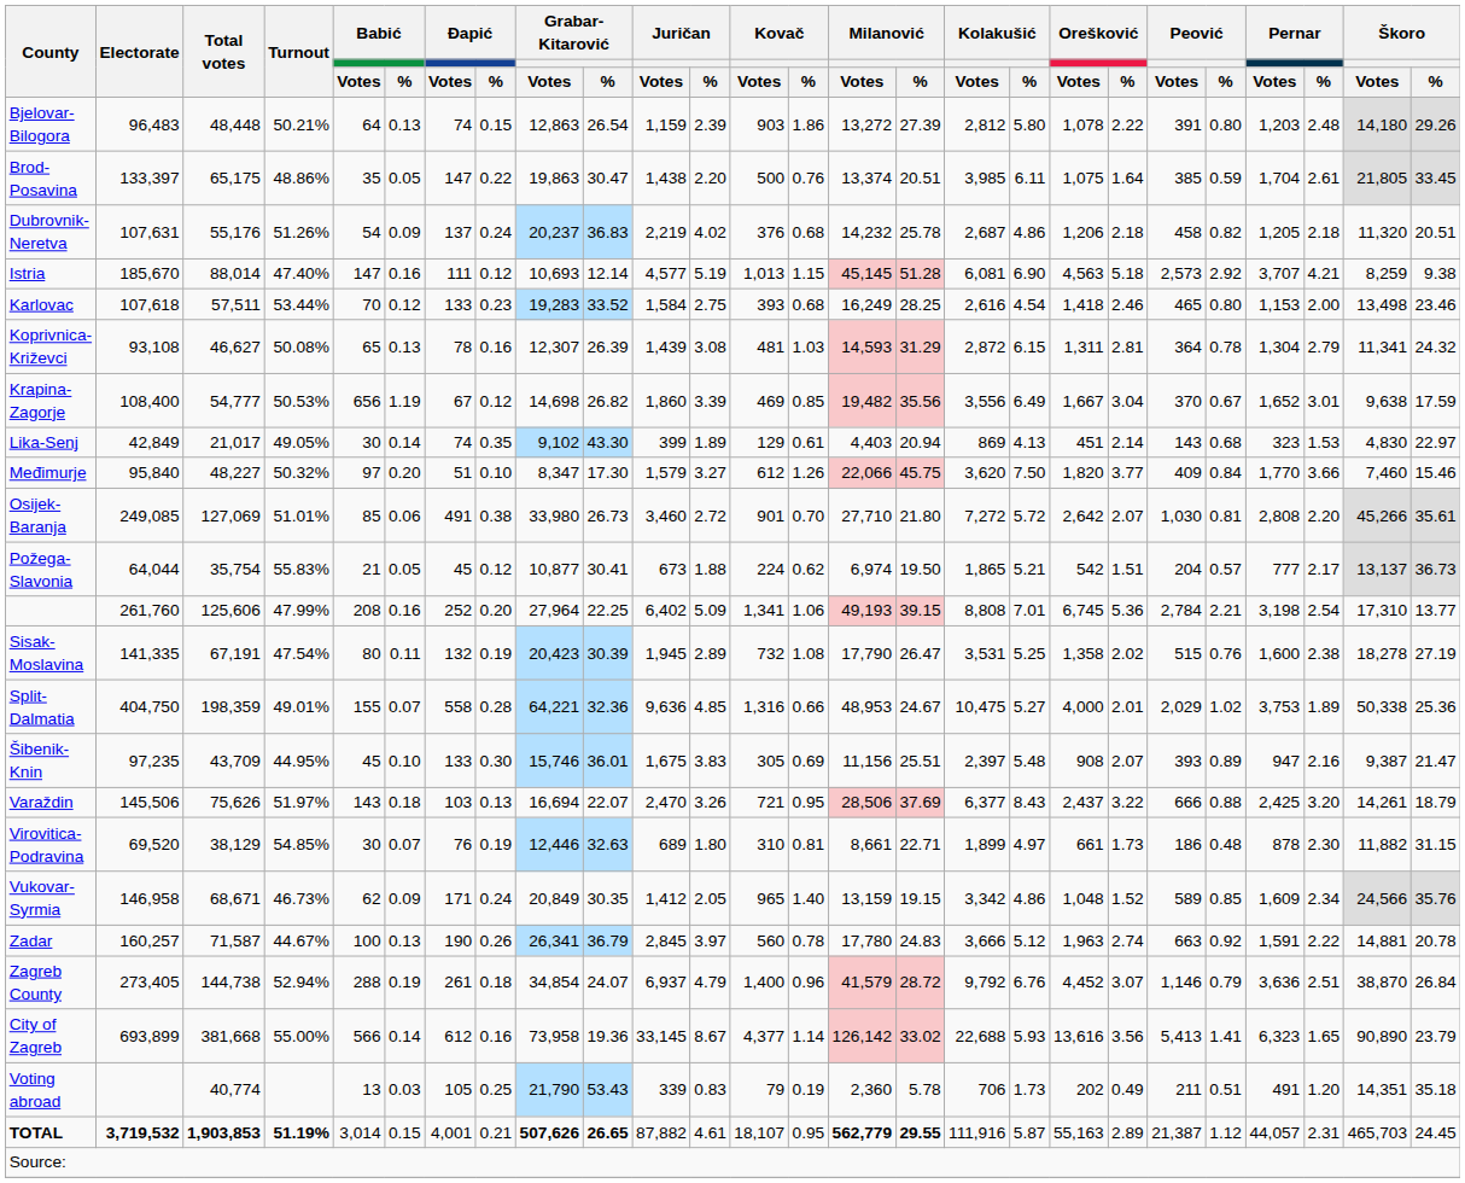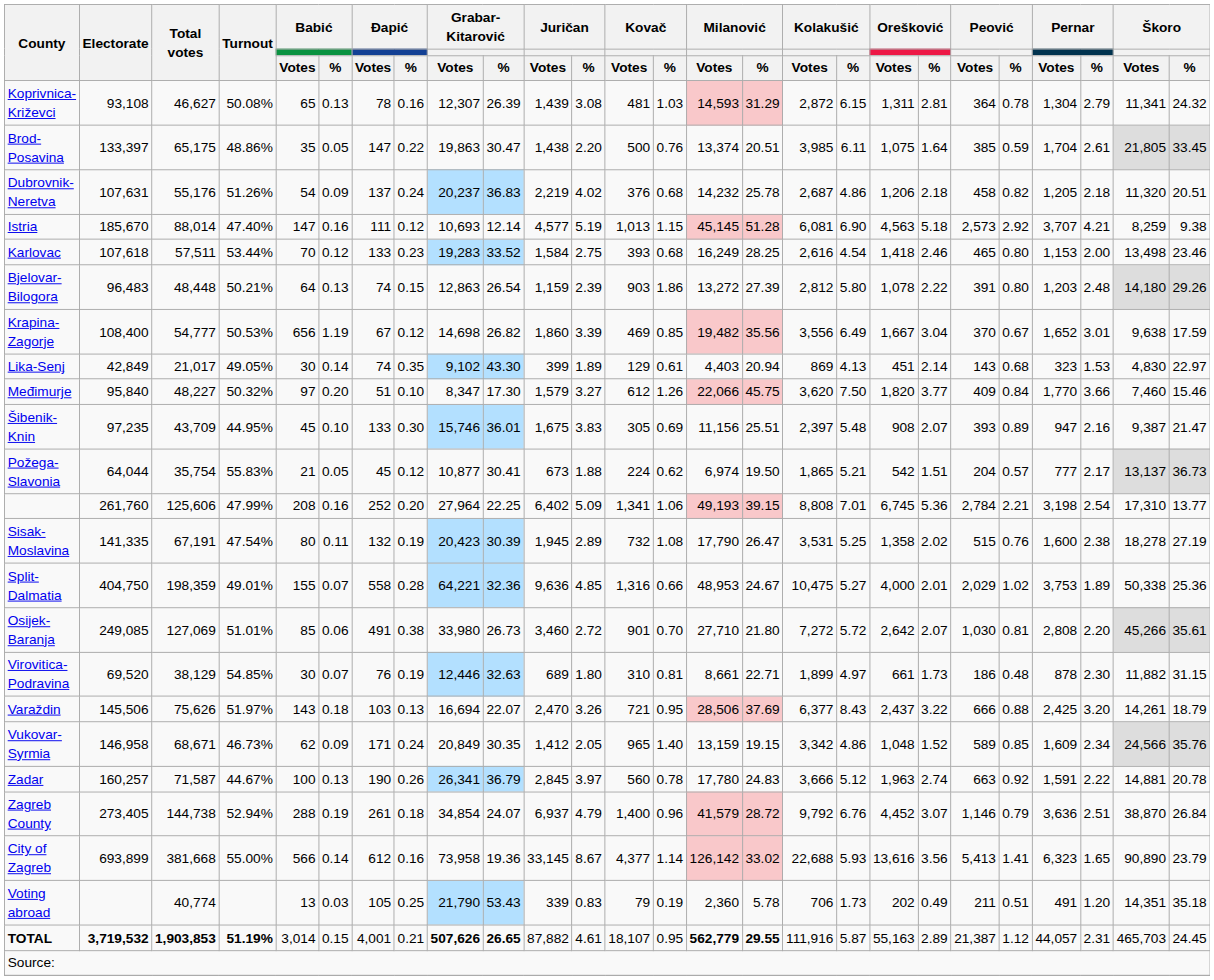 <table class="wikitable sortable" style="font-size:90%; line-height:20px">
 <tr>
 <th rowspan=3>County</th>
 <th rowspan=3>Electorate</th>
 <th rowspan=3>Total<br>votes</th>
 <th rowspan=3>Turnout</th>
 <th colspan=2>Babić</th>
 <th colspan=2>Đapić</th>
 <th colspan=2>Grabar-Kitarović</th>
 <th colspan=2>Juričan</th>
 <th colspan=2>Kovač</th>
 <th colspan=2>Milanović</th>
 <th colspan=2>Kolakušić</th>
 <th colspan=2>Orešković</th>
 <th colspan=2>Peović</th>
 <th colspan=2>Pernar</th>
 <th colspan=2>Škoro</th>
 </tr>
 <tr>
 <th colspan=2 style="background:#099240";></th>
 <th colspan=2 style="background:#134094";></th>
 <th colspan=2 style="background:"></th>
 <th colspan=2 style="background:"></th>
 <th colspan=2 style="background:"></th>
 <th colspan=2 style="background:"></th>
 <th colspan=2 style="background:"></th>
 <th colspan=2 style="background:#ED1846";></th>
 <th colspan=2 style="background:"></th>
 <th colspan=2 style="background:#00324E";></th>
 <th colspan=2 style="background:"></th>
 </tr>
 <tr>
 <th>Votes</th>
 <th>%</th>
 <th>Votes</th>
 <th>%</th>
 <th>Votes</th>
 <th>%</th>
 <th>Votes</th>
 <th>%</th>
 <th>Votes</th>
 <th>%</th>
 <th>Votes</th>
 <th>%</th>
 <th>Votes</th>
 <th>%</th>
 <th>Votes</th>
 <th>%</th>
 <th>Votes</th>
 <th>%</th>
 <th>Votes</th>
 <th>%</th>
 <th>Votes</th>
 <th>%</th>
 </tr>
 <tr align=right>
-<td align=left><a href='#'>Bjelovar-Bilogora</a></td>
-<td>96,483</td>
-<td>48,448</td>
-<td>50.21%</td>
-<td>64</td>
+<td align=left><a href='#'>Koprivnica-Križevci</a></td>
+<td>93,108</td>
+<td>46,627</td>
+<td>50.08%</td>
+<td>65</td>
 <td>0.13</td>
-<td>74</td>
-<td>0.15</td>
-<td>12,863</td>
-<td>26.54</td>
-<td>1,159</td>
-<td>2.39</td>
-<td>903</td>
-<td>1.86</td>
-<td>13,272</td>
-<td>27.39</td>
-<td>2,812</td>
-<td>5.80</td>
-<td>1,078</td>
-<td>2.22</td>
-<td>391</td>
-<td>0.80</td>
-<td>1,203</td>
-<td>2.48</td>
-<td style="background:#DDDDDD;">14,180</td>
-<td style="background:#DDDDDD;">29.26</td>
+<td>78</td>
+<td>0.16</td>
+<td>12,307</td>
+<td>26.39</td>
+<td>1,439</td>
+<td>3.08</td>
+<td>481</td>
+<td>1.03</td>
+<td style="background:#F9C8CA;">14,593</td>
+<td style="background:#F9C8CA;">31.29</td>
+<td>2,872</td>
+<td>6.15</td>
+<td>1,311</td>
+<td>2.81</td>
+<td>364</td>
+<td>0.78</td>
+<td>1,304</td>
+<td>2.79</td>
+<td>11,341</td>
+<td>24.32</td>
 </tr>
 <tr align=right>
 <td align=left><a href='#'>Brod-Posavina</a></td>
 <td>133,397</td>
 <td>65,175</td>
 <td>48.86%</td>
 <td>35</td>
 <td>0.05</td>
 <td>147</td>
 <td>0.22</td>
 <td>19,863</td>
 <td>30.47</td>
 <td>1,438</td>
 <td>2.20</td>
 <td>500</td>
 <td>0.76</td>
 <td>13,374</td>
 <td>20.51</td>
 <td>3,985</td>
 <td>6.11</td>
 <td>1,075</td>
 <td>1.64</td>
 <td>385</td>
 <td>0.59</td>
 <td>1,704</td>
 <td>2.61</td>
 <td style="background:#DDDDDD;">21,805</td>
 <td style="background:#DDDDDD;">33.45</td>
 </tr>
 <tr align=right>
 <td align=left><a href='#'>Dubrovnik-Neretva</a></td>
 <td>107,631</td>
 <td>55,176</td>
 <td>51.26%</td>
 <td>54</td>
 <td>0.09</td>
 <td>137</td>
 <td>0.24</td>
 <td style="background:#B3E0FF;">20,237</td>
 <td style="background:#B3E0FF;">36.83</td>
 <td>2,219</td>
 <td>4.02</td>
 <td>376</td>
 <td>0.68</td>
 <td>14,232</td>
 <td>25.78</td>
 <td>2,687</td>
 <td>4.86</td>
 <td>1,206</td>
 <td>2.18</td>
 <td>458</td>
 <td>0.82</td>
 <td>1,205</td>
 <td>2.18</td>
 <td>11,320</td>
 <td>20.51</td>
 </tr>
 <tr align=right>
 <td align=left><a href='#'>Istria</a></td>
 <td>185,670</td>
 <td>88,014</td>
 <td>47.40%</td>
 <td>147</td>
 <td>0.16</td>
 <td>111</td>
 <td>0.12</td>
 <td>10,693</td>
 <td>12.14</td>
 <td>4,577</td>
 <td>5.19</td>
 <td>1,013</td>
 <td>1.15</td>
 <td style="background:#F9C8CA;">45,145</td>
 <td style="background:#F9C8CA;">51.28</td>
 <td>6,081</td>
 <td>6.90</td>
 <td>4,563</td>
 <td>5.18</td>
 <td>2,573</td>
 <td>2.92</td>
 <td>3,707</td>
 <td>4.21</td>
 <td>8,259</td>
 <td>9.38</td>
 </tr>
 <tr align=right>
 <td align=left><a href='#'>Karlovac</a></td>
 <td>107,618</td>
 <td>57,511</td>
 <td>53.44%</td>
 <td>70</td>
 <td>0.12</td>
 <td>133</td>
 <td>0.23</td>
 <td style="background:#B3E0FF;">19,283</td>
 <td style="background:#B3E0FF;">33.52</td>
 <td>1,584</td>
 <td>2.75</td>
 <td>393</td>
 <td>0.68</td>
 <td>16,249</td>
 <td>28.25</td>
 <td>2,616</td>
 <td>4.54</td>
 <td>1,418</td>
 <td>2.46</td>
 <td>465</td>
 <td>0.80</td>
 <td>1,153</td>
 <td>2.00</td>
 <td>13,498</td>
 <td>23.46</td>
 </tr>
 <tr align=right>
-<td align=left><a href='#'>Koprivnica-Križevci</a></td>
-<td>93,108</td>
-<td>46,627</td>
-<td>50.08%</td>
-<td>65</td>
+<td align=left><a href='#'>Bjelovar-Bilogora</a></td>
+<td>96,483</td>
+<td>48,448</td>
+<td>50.21%</td>
+<td>64</td>
 <td>0.13</td>
-<td>78</td>
-<td>0.16</td>
-<td>12,307</td>
-<td>26.39</td>
-<td>1,439</td>
-<td>3.08</td>
-<td>481</td>
-<td>1.03</td>
-<td style="background:#F9C8CA;">14,593</td>
-<td style="background:#F9C8CA;">31.29</td>
-<td>2,872</td>
-<td>6.15</td>
-<td>1,311</td>
-<td>2.81</td>
-<td>364</td>
-<td>0.78</td>
-<td>1,304</td>
-<td>2.79</td>
-<td>11,341</td>
-<td>24.32</td>
+<td>74</td>
+<td>0.15</td>
+<td>12,863</td>
+<td>26.54</td>
+<td>1,159</td>
+<td>2.39</td>
+<td>903</td>
+<td>1.86</td>
+<td>13,272</td>
+<td>27.39</td>
+<td>2,812</td>
+<td>5.80</td>
+<td>1,078</td>
+<td>2.22</td>
+<td>391</td>
+<td>0.80</td>
+<td>1,203</td>
+<td>2.48</td>
+<td style="background:#DDDDDD;">14,180</td>
+<td style="background:#DDDDDD;">29.26</td>
 </tr>
 <tr align=right>
 <td align=left><a href='#'>Krapina-Zagorje</a></td>
 <td>108,400</td>
 <td>54,777</td>
 <td>50.53%</td>
 <td>656</td>
 <td>1.19</td>
 <td>67</td>
 <td>0.12</td>
 <td>14,698</td>
 <td>26.82</td>
 <td>1,860</td>
 <td>3.39</td>
 <td>469</td>
 <td>0.85</td>
 <td style="background:#F9C8CA;">19,482</td>
 <td style="background:#F9C8CA;">35.56</td>
 <td>3,556</td>
 <td>6.49</td>
 <td>1,667</td>
 <td>3.04</td>
 <td>370</td>
 <td>0.67</td>
 <td>1,652</td>
 <td>3.01</td>
 <td>9,638</td>
 <td>17.59</td>
 </tr>
 <tr align=right>
 <td align=left><a href='#'>Lika-Senj</a></td>
 <td>42,849</td>
 <td>21,017</td>
 <td>49.05%</td>
 <td>30</td>
 <td>0.14</td>
 <td>74</td>
 <td>0.35</td>
 <td style="background:#B3E0FF;">9,102</td>
 <td style="background:#B3E0FF;">43.30</td>
 <td>399</td>
 <td>1.89</td>
 <td>129</td>
 <td>0.61</td>
 <td>4,403</td>
 <td>20.94</td>
 <td>869</td>
 <td>4.13</td>
 <td>451</td>
 <td>2.14</td>
 <td>143</td>
 <td>0.68</td>
 <td>323</td>
 <td>1.53</td>
 <td>4,830</td>
 <td>22.97</td>
 </tr>
 <tr align=right>
 <td align=left><a href='#'>Međimurje</a></td>
 <td>95,840</td>
 <td>48,227</td>
 <td>50.32%</td>
 <td>97</td>
 <td>0.20</td>
 <td>51</td>
 <td>0.10</td>
 <td>8,347</td>
 <td>17.30</td>
 <td>1,579</td>
 <td>3.27</td>
 <td>612</td>
 <td>1.26</td>
 <td style="background:#F9C8CA;">22,066</td>
 <td style="background:#F9C8CA;">45.75</td>
 <td>3,620</td>
 <td>7.50</td>
 <td>1,820</td>
 <td>3.77</td>
 <td>409</td>
 <td>0.84</td>
 <td>1,770</td>
 <td>3.66</td>
 <td>7,460</td>
 <td>15.46</td>
 </tr>
 <tr align=right>
-<td align=left><a href='#'>Osijek-Baranja</a></td>
-<td>249,085</td>
-<td>127,069</td>
-<td>51.01%</td>
-<td>85</td>
-<td>0.06</td>
-<td>491</td>
-<td>0.38</td>
-<td>33,980</td>
-<td>26.73</td>
-<td>3,460</td>
-<td>2.72</td>
-<td>901</td>
-<td>0.70</td>
-<td>27,710</td>
-<td>21.80</td>
-<td>7,272</td>
-<td>5.72</td>
-<td>2,642</td>
+<td align=left><a href='#'>Šibenik-Knin</a></td>
+<td>97,235</td>
+<td>43,709</td>
+<td>44.95%</td>
+<td>45</td>
+<td>0.10</td>
+<td>133</td>
+<td>0.30</td>
+<td style="background:#B3E0FF;">15,746</td>
+<td style="background:#B3E0FF;">36.01</td>
+<td>1,675</td>
+<td>3.83</td>
+<td>305</td>
+<td>0.69</td>
+<td>11,156</td>
+<td>25.51</td>
+<td>2,397</td>
+<td>5.48</td>
+<td>908</td>
 <td>2.07</td>
-<td>1,030</td>
-<td>0.81</td>
-<td>2,808</td>
-<td>2.20</td>
-<td style="background:#DDDDDD;">45,266</td>
-<td style="background:#DDDDDD;">35.61</td>
+<td>393</td>
+<td>0.89</td>
+<td>947</td>
+<td>2.16</td>
+<td>9,387</td>
+<td>21.47</td>
 </tr>
 <tr align=right>
 <td align=left><a href='#'>Požega-Slavonia</a></td>
 <td>64,044</td>
 <td>35,754</td>
 <td>55.83%</td>
 <td>21</td>
 <td>0.05</td>
 <td>45</td>
 <td>0.12</td>
 <td>10,877</td>
 <td>30.41</td>
 <td>673</td>
 <td>1.88</td>
 <td>224</td>
 <td>0.62</td>
 <td>6,974</td>
 <td>19.50</td>
 <td>1,865</td>
 <td>5.21</td>
 <td>542</td>
 <td>1.51</td>
 <td>204</td>
 <td>0.57</td>
 <td>777</td>
 <td>2.17</td>
 <td style="background:#DDDDDD;">13,137</td>
 <td style="background:#DDDDDD;">36.73</td>
 </tr>
 <tr align=right>
 <td align=left></td>
 <td>261,760</td>
 <td>125,606</td>
 <td>47.99%</td>
 <td>208</td>
 <td>0.16</td>
 <td>252</td>
 <td>0.20</td>
 <td>27,964</td>
 <td>22.25</td>
 <td>6,402</td>
 <td>5.09</td>
 <td>1,341</td>
 <td>1.06</td>
 <td style="background:#F9C8CA;">49,193</td>
 <td style="background:#F9C8CA;">39.15</td>
 <td>8,808</td>
 <td>7.01</td>
 <td>6,745</td>
 <td>5.36</td>
 <td>2,784</td>
 <td>2.21</td>
 <td>3,198</td>
 <td>2.54</td>
 <td>17,310</td>
 <td>13.77</td>
 </tr>
 <tr align=right>
 <td align=left><a href='#'>Sisak-Moslavina</a></td>
 <td>141,335</td>
 <td>67,191</td>
 <td>47.54%</td>
 <td>80</td>
 <td>0.11</td>
 <td>132</td>
 <td>0.19</td>
 <td style="background:#B3E0FF;">20,423</td>
 <td style="background:#B3E0FF;">30.39</td>
 <td>1,945</td>
 <td>2.89</td>
 <td>732</td>
 <td>1.08</td>
 <td>17,790</td>
 <td>26.47</td>
 <td>3,531</td>
 <td>5.25</td>
 <td>1,358</td>
 <td>2.02</td>
 <td>515</td>
 <td>0.76</td>
 <td>1,600</td>
 <td>2.38</td>
 <td>18,278</td>
 <td>27.19</td>
 </tr>
 <tr align=right>
 <td align=left><a href='#'>Split-Dalmatia</a></td>
 <td>404,750</td>
 <td>198,359</td>
 <td>49.01%</td>
 <td>155</td>
 <td>0.07</td>
 <td>558</td>
 <td>0.28</td>
 <td style="background:#B3E0FF;">64,221</td>
 <td style="background:#B3E0FF;">32.36</td>
 <td>9,636</td>
 <td>4.85</td>
 <td>1,316</td>
 <td>0.66</td>
 <td>48,953</td>
 <td>24.67</td>
 <td>10,475</td>
 <td>5.27</td>
 <td>4,000</td>
 <td>2.01</td>
 <td>2,029</td>
 <td>1.02</td>
 <td>3,753</td>
 <td>1.89</td>
 <td>50,338</td>
 <td>25.36</td>
 </tr>
 <tr align=right>
-<td align=left><a href='#'>Šibenik-Knin</a></td>
-<td>97,235</td>
-<td>43,709</td>
-<td>44.95%</td>
-<td>45</td>
-<td>0.10</td>
-<td>133</td>
-<td>0.30</td>
-<td style="background:#B3E0FF;">15,746</td>
-<td style="background:#B3E0FF;">36.01</td>
-<td>1,675</td>
-<td>3.83</td>
-<td>305</td>
-<td>0.69</td>
-<td>11,156</td>
-<td>25.51</td>
-<td>2,397</td>
-<td>5.48</td>
-<td>908</td>
+<td align=left><a href='#'>Osijek-Baranja</a></td>
+<td>249,085</td>
+<td>127,069</td>
+<td>51.01%</td>
+<td>85</td>
+<td>0.06</td>
+<td>491</td>
+<td>0.38</td>
+<td>33,980</td>
+<td>26.73</td>
+<td>3,460</td>
+<td>2.72</td>
+<td>901</td>
+<td>0.70</td>
+<td>27,710</td>
+<td>21.80</td>
+<td>7,272</td>
+<td>5.72</td>
+<td>2,642</td>
 <td>2.07</td>
-<td>393</td>
-<td>0.89</td>
-<td>947</td>
-<td>2.16</td>
-<td>9,387</td>
-<td>21.47</td>
+<td>1,030</td>
+<td>0.81</td>
+<td>2,808</td>
+<td>2.20</td>
+<td style="background:#DDDDDD;">45,266</td>
+<td style="background:#DDDDDD;">35.61</td>
+</tr>
+<tr align=right>
+<td align=left><a href='#'>Virovitica-Podravina</a></td>
+<td>69,520</td>
+<td>38,129</td>
+<td>54.85%</td>
+<td>30</td>
+<td>0.07</td>
+<td>76</td>
+<td>0.19</td>
+<td style="background:#B3E0FF;">12,446</td>
+<td style="background:#B3E0FF;">32.63</td>
+<td>689</td>
+<td>1.80</td>
+<td>310</td>
+<td>0.81</td>
+<td>8,661</td>
+<td>22.71</td>
+<td>1,899</td>
+<td>4.97</td>
+<td>661</td>
+<td>1.73</td>
+<td>186</td>
+<td>0.48</td>
+<td>878</td>
+<td>2.30</td>
+<td>11,882</td>
+<td>31.15</td>
 </tr>
 <tr align=right>
 <td align=left><a href='#'>Varaždin</a></td>
 <td>145,506</td>
 <td>75,626</td>
 <td>51.97%</td>
 <td>143</td>
 <td>0.18</td>
 <td>103</td>
 <td>0.13</td>
 <td>16,694</td>
 <td>22.07</td>
 <td>2,470</td>
 <td>3.26</td>
 <td>721</td>
 <td>0.95</td>
 <td style="background:#F9C8CA;">28,506</td>
 <td style="background:#F9C8CA;">37.69</td>
 <td>6,377</td>
 <td>8.43</td>
 <td>2,437</td>
 <td>3.22</td>
 <td>666</td>
 <td>0.88</td>
 <td>2,425</td>
 <td>3.20</td>
 <td>14,261</td>
 <td>18.79</td>
-</tr>
-<tr align=right>
-<td align=left><a href='#'>Virovitica-Podravina</a></td>
-<td>69,520</td>
-<td>38,129</td>
-<td>54.85%</td>
-<td>30</td>
-<td>0.07</td>
-<td>76</td>
-<td>0.19</td>
-<td style="background:#B3E0FF;">12,446</td>
-<td style="background:#B3E0FF;">32.63</td>
-<td>689</td>
-<td>1.80</td>
-<td>310</td>
-<td>0.81</td>
-<td>8,661</td>
-<td>22.71</td>
-<td>1,899</td>
-<td>4.97</td>
-<td>661</td>
-<td>1.73</td>
-<td>186</td>
-<td>0.48</td>
-<td>878</td>
-<td>2.30</td>
-<td>11,882</td>
-<td>31.15</td>
 </tr>
 <tr align=right>
 <td align=left><a href='#'>Vukovar-Syrmia</a></td>
 <td>146,958</td>
 <td>68,671</td>
 <td>46.73%</td>
 <td>62</td>
 <td>0.09</td>
 <td>171</td>
 <td>0.24</td>
 <td>20,849</td>
 <td>30.35</td>
 <td>1,412</td>
 <td>2.05</td>
 <td>965</td>
 <td>1.40</td>
 <td>13,159</td>
 <td>19.15</td>
 <td>3,342</td>
 <td>4.86</td>
 <td>1,048</td>
 <td>1.52</td>
 <td>589</td>
 <td>0.85</td>
 <td>1,609</td>
 <td>2.34</td>
 <td style="background:#DDDDDD;">24,566</td>
 <td style="background:#DDDDDD;">35.76</td>
 </tr>
 <tr align=right>
 <td align=left><a href='#'>Zadar</a></td>
 <td>160,257</td>
 <td>71,587</td>
 <td>44.67%</td>
 <td>100</td>
 <td>0.13</td>
 <td>190</td>
 <td>0.26</td>
 <td style="background:#B3E0FF;">26,341</td>
 <td style="background:#B3E0FF;">36.79</td>
 <td>2,845</td>
 <td>3.97</td>
 <td>560</td>
 <td>0.78</td>
 <td>17,780</td>
 <td>24.83</td>
 <td>3,666</td>
 <td>5.12</td>
 <td>1,963</td>
 <td>2.74</td>
 <td>663</td>
 <td>0.92</td>
 <td>1,591</td>
 <td>2.22</td>
 <td>14,881</td>
 <td>20.78</td>
 </tr>
 <tr align=right>
 <td align=left><a href='#'>Zagreb County</a></td>
 <td>273,405</td>
 <td>144,738</td>
 <td>52.94%</td>
 <td>288</td>
 <td>0.19</td>
 <td>261</td>
 <td>0.18</td>
 <td>34,854</td>
 <td>24.07</td>
 <td>6,937</td>
 <td>4.79</td>
 <td>1,400</td>
 <td>0.96</td>
 <td style="background:#F9C8CA;">41,579</td>
 <td style="background:#F9C8CA;">28.72</td>
 <td>9,792</td>
 <td>6.76</td>
 <td>4,452</td>
 <td>3.07</td>
 <td>1,146</td>
 <td>0.79</td>
 <td>3,636</td>
 <td>2.51</td>
 <td>38,870</td>
 <td>26.84</td>
 </tr>
 <tr align=right>
 <td align=left><a href='#'>City of Zagreb</a></td>
 <td>693,899</td>
 <td>381,668</td>
 <td>55.00%</td>
 <td>566</td>
 <td>0.14</td>
 <td>612</td>
 <td>0.16</td>
 <td>73,958</td>
 <td>19.36</td>
 <td>33,145</td>
 <td>8.67</td>
 <td>4,377</td>
 <td>1.14</td>
 <td style="background:#F9C8CA;">126,142</td>
 <td style="background:#F9C8CA;">33.02</td>
 <td>22,688</td>
 <td>5.93</td>
 <td>13,616</td>
 <td>3.56</td>
 <td>5,413</td>
 <td>1.41</td>
 <td>6,323</td>
 <td>1.65</td>
 <td>90,890</td>
 <td>23.79</td>
 </tr>
 <tr align=right>
 <td align=left><a href='#'>Voting abroad</a></td>
 <td></td>
 <td>40,774</td>
 <td></td>
 <td>13</td>
 <td>0.03</td>
 <td>105</td>
 <td>0.25</td>
 <td style="background:#B3E0FF;">21,790</td>
 <td style="background:#B3E0FF;">53.43</td>
 <td>339</td>
 <td>0.83</td>
 <td>79</td>
 <td>0.19</td>
 <td>2,360</td>
 <td>5.78</td>
 <td>706</td>
 <td>1.73</td>
 <td>202</td>
 <td>0.49</td>
 <td>211</td>
 <td>0.51</td>
 <td>491</td>
 <td>1.20</td>
 <td>14,351</td>
 <td>35.18</td>
 </tr>
 <tr align=right +>
 <td align=left><strong>TOTAL</strong></td>
 <td><strong>3,719,532</strong></td>
 <td><strong>1,903,853</strong></td>
 <td><strong>51.19%</strong></td>
 <td>3,014</td>
 <td>0.15</td>
 <td>4,001</td>
 <td>0.21</td>
 <td><strong>507,626</strong></td>
 <td><strong>26.65</strong></td>
 <td>87,882</td>
 <td>4.61</td>
 <td>18,107</td>
 <td>0.95</td>
 <td><strong>562,779</strong></td>
 <td><strong>29.55</strong></td>
 <td>111,916</td>
 <td>5.87</td>
 <td>55,163</td>
 <td>2.89</td>
 <td>21,387</td>
 <td>1.12</td>
 <td>44,057</td>
 <td>2.31</td>
 <td>465,703</td>
 <td>24.45</td>
 </tr>
 <tr class="sortbottom">
 <td colspan=26>Source: </td>
 </tr>
 <tr>
 </tr>
 </table>
